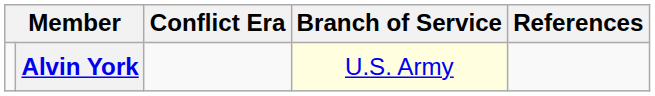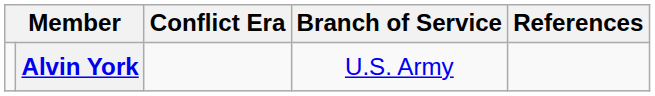 <table class=wikitable style="text-align:center">
 <tr>
 <th scope="col" colspan="2">Member</th>
 <th scope="col">Conflict Era</th>
 <th scope="col">Branch of Service</th>
 <th scope="col">References</th>
 </tr>
 <tr style="height:2em;">
 <td></td>
 <th scope="row"><a href='#'>Alvin York</a></th>
 <td></td>
-<td style="background: lightyellow;"><a href='#'>U.S. Army</a></td>
+<td><a href='#'>U.S. Army</a></td>
 <td></td>
 </tr>
 </table>
